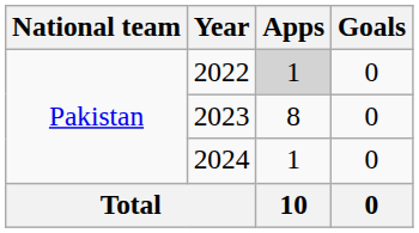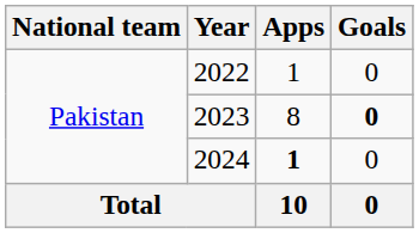 <table class="wikitable" style="text-align:center">
 <tr>
 <th>National team</th>
 <th>Year</th>
 <th>Apps</th>
 <th>Goals</th>
 </tr>
 <tr>
 <td rowspan="3"><a href='#'>Pakistan</a></td>
 <td>2022</td>
-<td style="background: lightgrey;">1</td>
+<td>1</td>
 <td>0</td>
 </tr>
 <tr>
 <td>2023</td>
 <td>8</td>
-<td>0</td>
+<td><strong>0</strong></td>
 </tr>
 <tr>
 <td>2024</td>
-<td>1</td>
+<td><strong>1</strong></td>
 <td>0</td>
 </tr>
 <tr>
 <th colspan="2">Total</th>
 <th>10</th>
 <th>0</th>
 </tr>
 </table>
